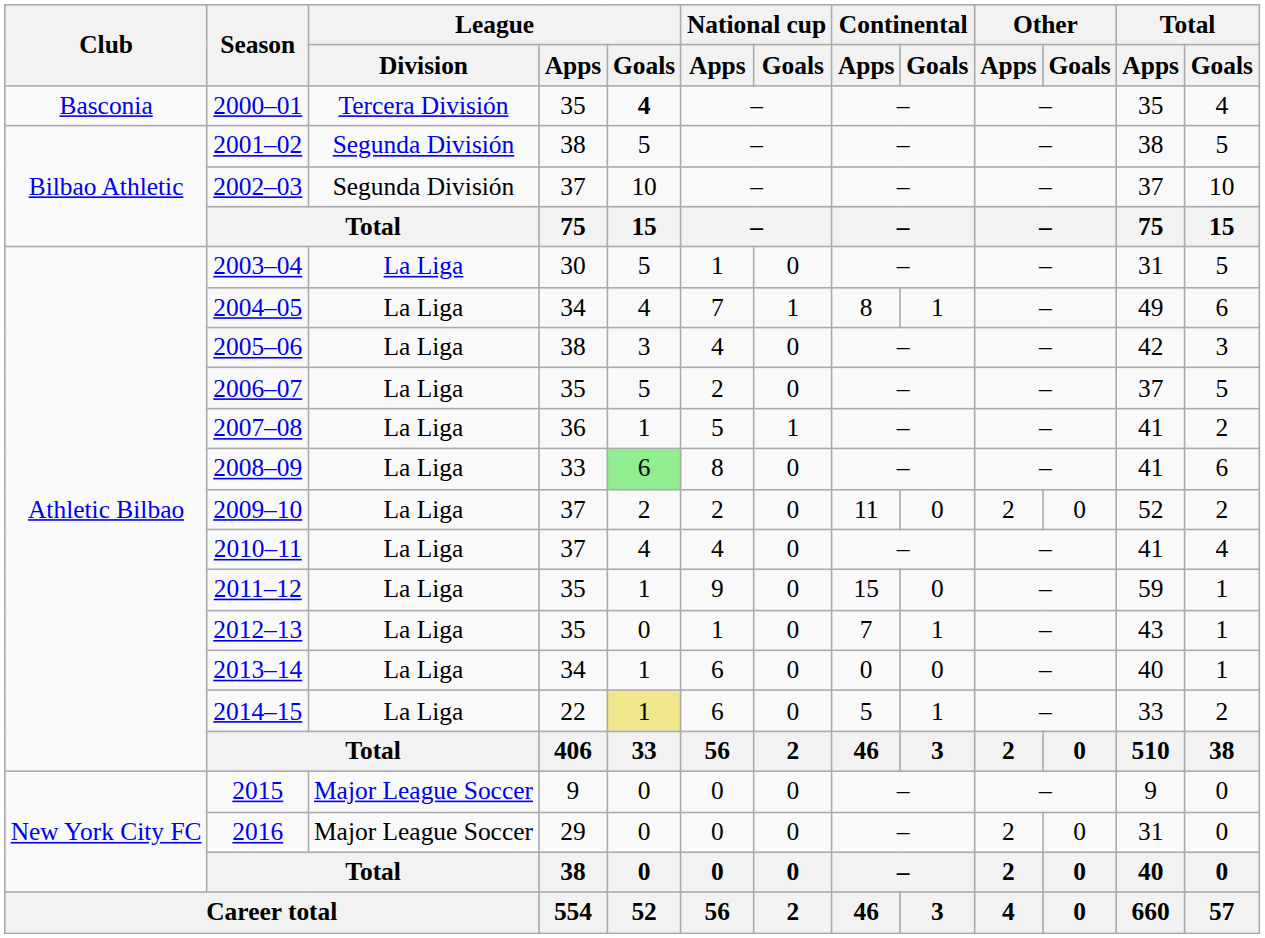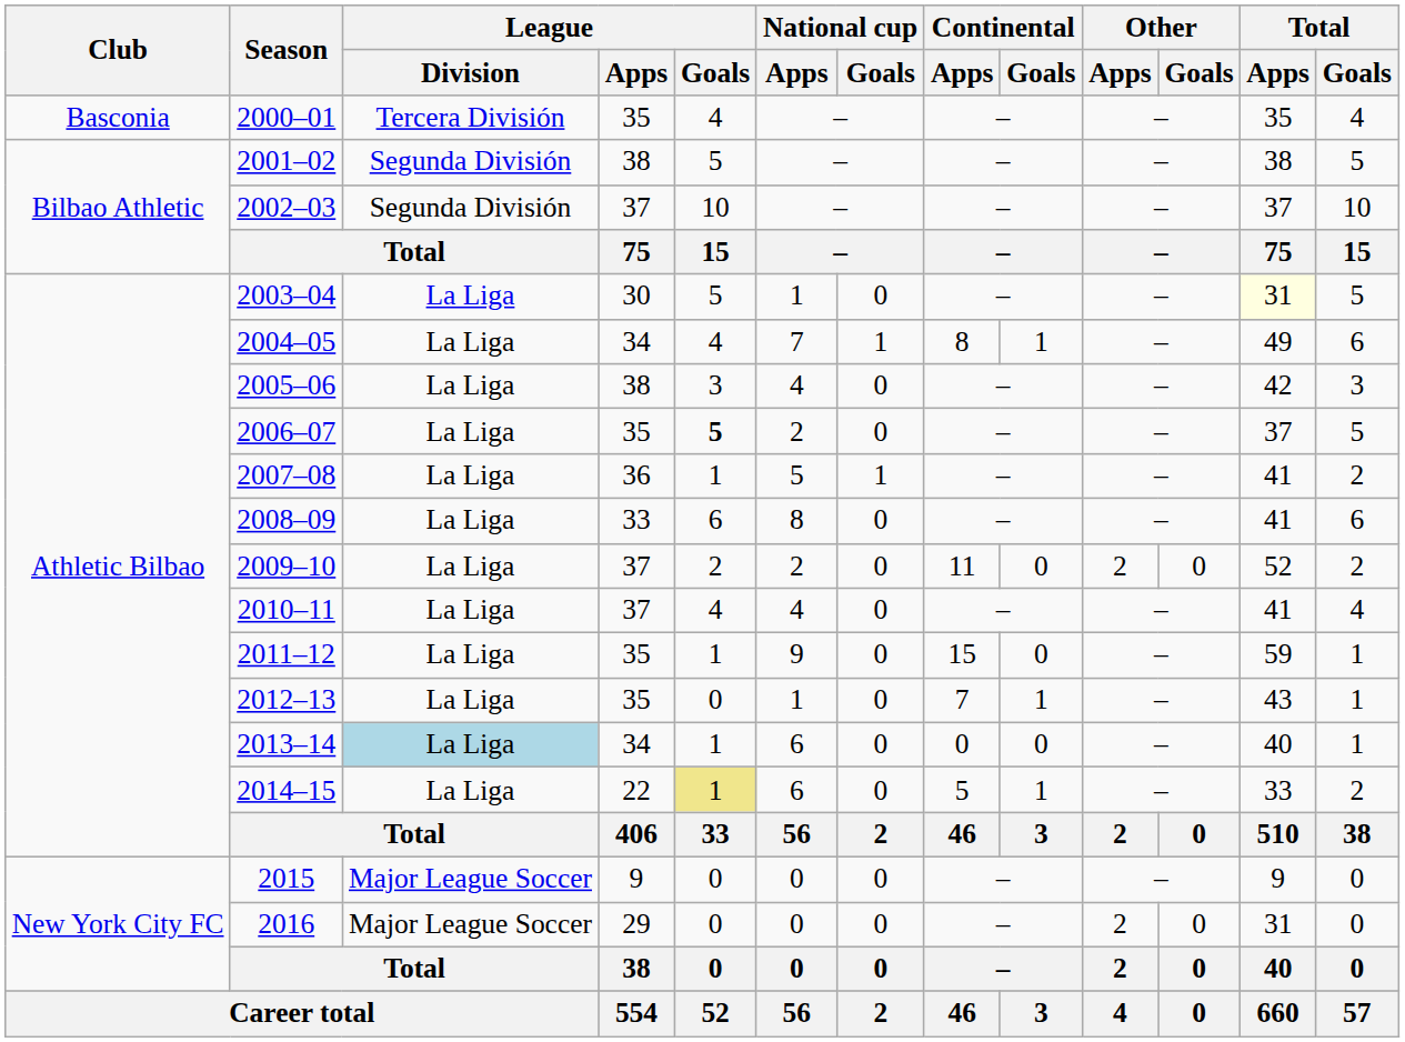 <table class="wikitable" style="text-align: center;">
 <tr>
 <th rowspan="2">Club</th>
 <th rowspan="2">Season</th>
 <th colspan="3">League</th>
 <th colspan="2">National cup</th>
 <th colspan="2">Continental</th>
 <th colspan="2">Other</th>
 <th colspan="2">Total</th>
 </tr>
 <tr>
 <th>Division</th>
 <th>Apps</th>
 <th>Goals</th>
 <th>Apps</th>
 <th>Goals</th>
 <th>Apps</th>
 <th>Goals</th>
 <th>Apps</th>
 <th>Goals</th>
 <th>Apps</th>
 <th>Goals</th>
 </tr>
 <tr>
 <td><a href='#'>Basconia</a></td>
 <td><a href='#'>2000–01</a></td>
 <td><a href='#'>Tercera División</a></td>
 <td>35</td>
-<td><strong>4</strong></td>
+<td>4</td>
 <td colspan="2">–</td>
 <td colspan="2">–</td>
 <td colspan="2">–</td>
 <td>35</td>
 <td>4</td>
 </tr>
 <tr>
 <td rowspan="3"><a href='#'>Bilbao Athletic</a></td>
 <td><a href='#'>2001–02</a></td>
 <td><a href='#'>Segunda División</a></td>
 <td>38</td>
 <td>5</td>
 <td colspan="2">–</td>
 <td colspan="2">–</td>
 <td colspan="2">–</td>
 <td>38</td>
 <td>5</td>
 </tr>
 <tr>
 <td><a href='#'>2002–03</a></td>
 <td>Segunda División</td>
 <td>37</td>
 <td>10</td>
 <td colspan="2">–</td>
 <td colspan="2">–</td>
 <td colspan="2">–</td>
 <td>37</td>
 <td>10</td>
 </tr>
 <tr>
 <th colspan="2">Total</th>
 <th>75</th>
 <th>15</th>
 <th colspan="2">–</th>
 <th colspan="2">–</th>
 <th colspan="2">–</th>
 <th>75</th>
 <th>15</th>
 </tr>
 <tr>
 <td rowspan="13"><a href='#'>Athletic Bilbao</a></td>
 <td><a href='#'>2003–04</a></td>
 <td><a href='#'>La Liga</a></td>
 <td>30</td>
 <td>5</td>
 <td>1</td>
 <td>0</td>
 <td colspan="2">–</td>
 <td colspan="2">–</td>
-<td>31</td>
+<td style="background: lightyellow;">31</td>
 <td>5</td>
 </tr>
 <tr>
 <td><a href='#'>2004–05</a></td>
 <td>La Liga</td>
 <td>34</td>
 <td>4</td>
 <td>7</td>
 <td>1</td>
 <td>8</td>
 <td>1</td>
 <td colspan="2">–</td>
 <td>49</td>
 <td>6</td>
 </tr>
 <tr>
 <td><a href='#'>2005–06</a></td>
 <td>La Liga</td>
 <td>38</td>
 <td>3</td>
 <td>4</td>
 <td>0</td>
 <td colspan="2">–</td>
 <td colspan="2">–</td>
 <td>42</td>
 <td>3</td>
 </tr>
 <tr>
 <td><a href='#'>2006–07</a></td>
 <td>La Liga</td>
 <td>35</td>
-<td>5</td>
+<td><strong>5</strong></td>
 <td>2</td>
 <td>0</td>
 <td colspan="2">–</td>
 <td colspan="2">–</td>
 <td>37</td>
 <td>5</td>
 </tr>
 <tr>
 <td><a href='#'>2007–08</a></td>
 <td>La Liga</td>
 <td>36</td>
 <td>1</td>
 <td>5</td>
 <td>1</td>
 <td colspan="2">–</td>
 <td colspan="2">–</td>
 <td>41</td>
 <td>2</td>
 </tr>
 <tr>
 <td><a href='#'>2008–09</a></td>
 <td>La Liga</td>
 <td>33</td>
-<td style="background: lightgreen;">6</td>
+<td>6</td>
 <td>8</td>
 <td>0</td>
 <td colspan="2">–</td>
 <td colspan="2">–</td>
 <td>41</td>
 <td>6</td>
 </tr>
 <tr>
 <td><a href='#'>2009–10</a></td>
 <td>La Liga</td>
 <td>37</td>
 <td>2</td>
 <td>2</td>
 <td>0</td>
 <td>11</td>
 <td>0</td>
 <td>2</td>
 <td>0</td>
 <td>52</td>
 <td>2</td>
 </tr>
 <tr>
 <td><a href='#'>2010–11</a></td>
 <td>La Liga</td>
 <td>37</td>
 <td>4</td>
 <td>4</td>
 <td>0</td>
 <td colspan="2">–</td>
 <td colspan="2">–</td>
 <td>41</td>
 <td>4</td>
 </tr>
 <tr>
 <td><a href='#'>2011–12</a></td>
 <td>La Liga</td>
 <td>35</td>
 <td>1</td>
 <td>9</td>
 <td>0</td>
 <td>15</td>
 <td>0</td>
 <td colspan="2">–</td>
 <td>59</td>
 <td>1</td>
 </tr>
 <tr>
 <td><a href='#'>2012–13</a></td>
 <td>La Liga</td>
 <td>35</td>
 <td>0</td>
 <td>1</td>
 <td>0</td>
 <td>7</td>
 <td>1</td>
 <td colspan="2">–</td>
 <td>43</td>
 <td>1</td>
 </tr>
 <tr>
 <td><a href='#'>2013–14</a></td>
-<td>La Liga</td>
+<td style="background: lightblue;">La Liga</td>
 <td>34</td>
 <td>1</td>
 <td>6</td>
 <td>0</td>
 <td>0</td>
 <td>0</td>
 <td colspan="2">–</td>
 <td>40</td>
 <td>1</td>
 </tr>
 <tr>
 <td><a href='#'>2014–15</a></td>
 <td>La Liga</td>
 <td>22</td>
 <td style="background: khaki;">1</td>
 <td>6</td>
 <td>0</td>
 <td>5</td>
 <td>1</td>
 <td colspan="2">–</td>
 <td>33</td>
 <td>2</td>
 </tr>
 <tr>
 <th colspan="2">Total</th>
 <th>406</th>
 <th>33</th>
 <th>56</th>
 <th>2</th>
 <th>46</th>
 <th>3</th>
 <th>2</th>
 <th>0</th>
 <th>510</th>
 <th>38</th>
 </tr>
 <tr>
 <td rowspan="3"><a href='#'>New York City FC</a></td>
 <td><a href='#'>2015</a></td>
 <td><a href='#'>Major League Soccer</a></td>
 <td>9</td>
 <td>0</td>
 <td>0</td>
 <td>0</td>
 <td colspan="2">–</td>
 <td colspan="2">–</td>
 <td>9</td>
 <td>0</td>
 </tr>
 <tr>
 <td><a href='#'>2016</a></td>
 <td>Major League Soccer</td>
 <td>29</td>
 <td>0</td>
 <td>0</td>
 <td>0</td>
 <td colspan="2">–</td>
 <td>2</td>
 <td>0</td>
 <td>31</td>
 <td>0</td>
 </tr>
 <tr>
 <th colspan="2">Total</th>
 <th>38</th>
 <th>0</th>
 <th>0</th>
 <th>0</th>
 <th colspan="2">–</th>
 <th>2</th>
 <th>0</th>
 <th>40</th>
 <th>0</th>
 </tr>
 <tr>
 <th colspan="3">Career total</th>
 <th>554</th>
 <th>52</th>
 <th>56</th>
 <th>2</th>
 <th>46</th>
 <th>3</th>
 <th>4</th>
 <th>0</th>
 <th>660</th>
 <th>57</th>
 </tr>
 </table>
